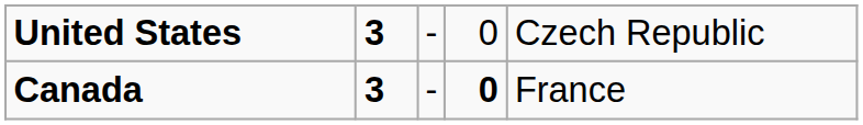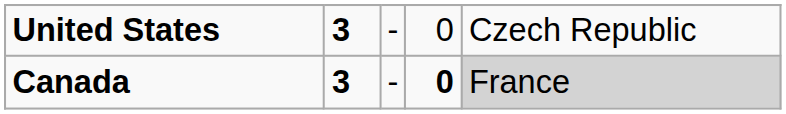 <table class="wikitable">
 <tr>
 <td width=150> <strong>United States</strong></td>
 <td style="width:20px; text-align:left;"><strong>3</strong></td>
 <td>-</td>
 <td style="width:20px; text-align:right;">0</td>
 <td width=150> Czech Republic</td>
 </tr>
 <tr>
 <td> <strong>Canada</strong></td>
 <td style="text-align:left;"><strong>3</strong></td>
 <td>-</td>
 <td style="text-align:right;"><strong>0</strong></td>
-<td> France</td>
+<td style="background: lightgrey;"> France</td>
 </tr>
 </table>
